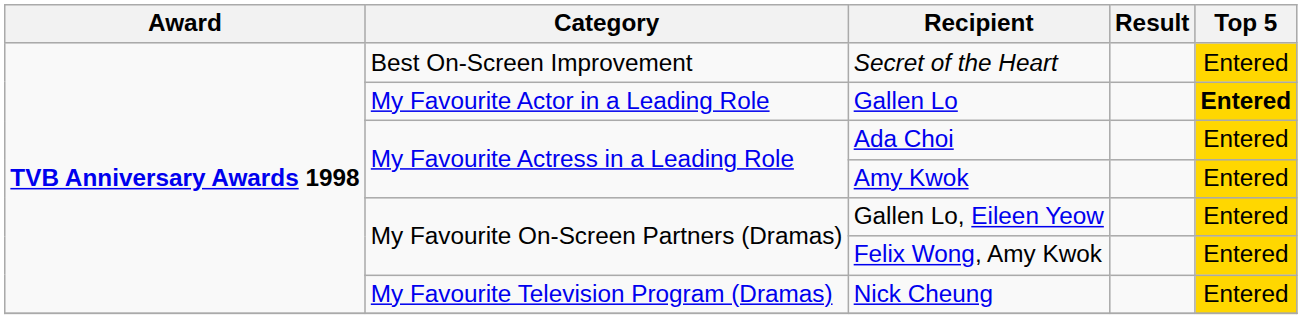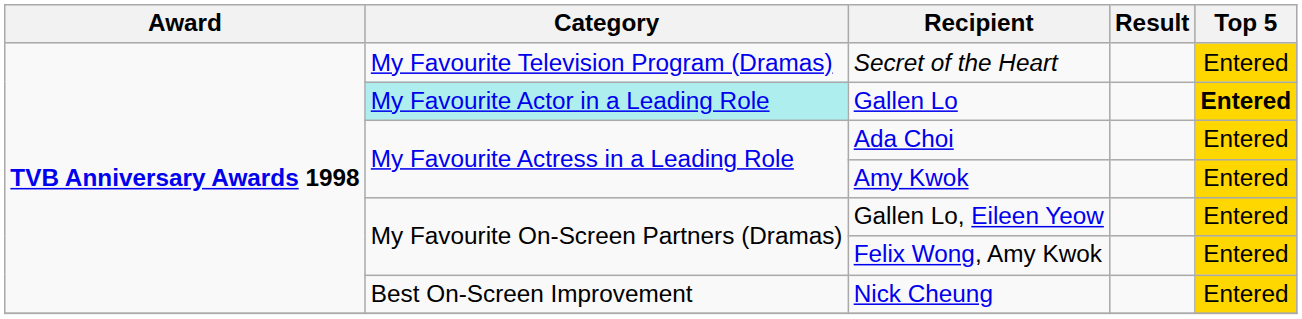 <table class="wikitable">
 <tr>
 <th>Award</th>
 <th>Category</th>
 <th>Recipient</th>
 <th>Result</th>
 <th>Top 5</th>
 </tr>
 <tr>
 <td rowspan=7><strong><a href='#'>TVB Anniversary Awards</a> 1998</strong></td>
-<td>Best On-Screen Improvement</td>
+<td><a href='#'>My Favourite Television Program (Dramas)</a></td>
 <td><em>Secret of the Heart</em></td>
 <td></td>
 <td td style="background:gold; text-align:center;">Entered</td>
 </tr>
 <tr>
-<td><a href='#'>My Favourite Actor in a Leading Role</a></td>
+<td style="background: paleturquoise;"><a href='#'>My Favourite Actor in a Leading Role</a></td>
 <td><a href='#'>Gallen Lo</a></td>
 <td></td>
 <td td style="background:gold; text-align:center;"><strong>Entered</strong></td>
 </tr>
 <tr>
 <td rowspan=2><a href='#'>My Favourite Actress in a Leading Role</a></td>
 <td><a href='#'>Ada Choi</a></td>
 <td></td>
 <td td style="background:gold; text-align:center;">Entered</td>
 </tr>
 <tr>
 <td><a href='#'>Amy Kwok</a></td>
 <td></td>
 <td td style="background:gold; text-align:center;">Entered</td>
 </tr>
 <tr>
 <td rowspan=2>My Favourite On-Screen Partners (Dramas)</td>
 <td>Gallen Lo, <a href='#'>Eileen Yeow</a></td>
 <td></td>
 <td td style="background:gold; text-align:center;">Entered</td>
 </tr>
 <tr>
 <td><a href='#'>Felix Wong</a>, Amy Kwok</td>
 <td></td>
 <td td style="background:gold; text-align:center;">Entered</td>
 </tr>
 <tr>
-<td><a href='#'>My Favourite Television Program (Dramas)</a></td>
+<td>Best On-Screen Improvement</td>
 <td><a href='#'>Nick Cheung</a></td>
 <td></td>
 <td td style="background:gold; text-align:center;">Entered</td>
 </tr>
 <tr>
 </tr>
 </table>
